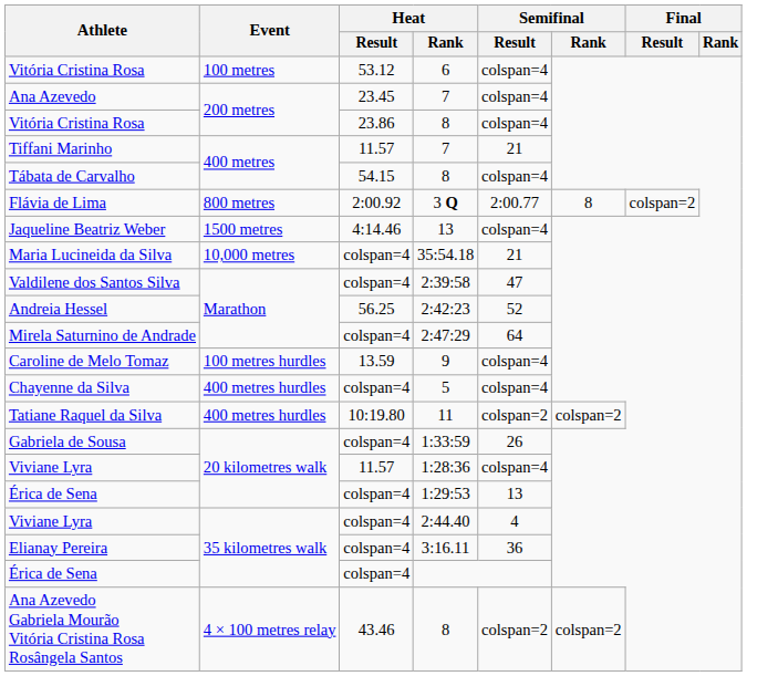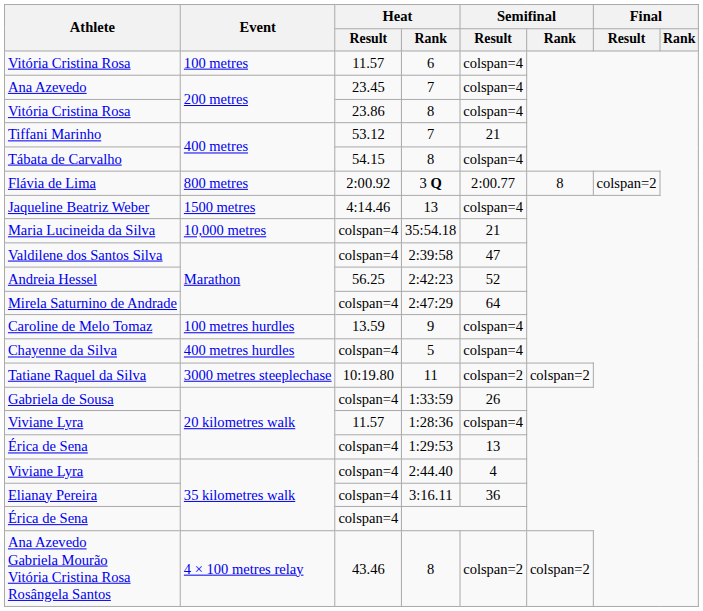 <table class="wikitable" style="font-size:90%">
 <tr>
 <th rowspan="2">Athlete</th>
 <th rowspan="2">Event</th>
 <th colspan="2">Heat</th>
 <th colspan="2">Semifinal</th>
 <th colspan="2">Final</th>
 </tr>
 <tr style="font-size:95%">
 <th>Result</th>
 <th>Rank</th>
 <th>Result</th>
 <th>Rank</th>
 <th>Result</th>
 <th>Rank</th>
 </tr>
 <tr align=center>
 <td align=left><a href='#'>Vitória Cristina Rosa</a></td>
 <td align=left><a href='#'>100 metres</a></td>
-<td>53.12</td>
+<td>11.57</td>
 <td>6</td>
 <td>colspan=4 </td>
 </tr>
 <tr align=center>
 <td align=left><a href='#'>Ana Azevedo</a></td>
 <td align=left rowspan=2><a href='#'>200 metres</a></td>
 <td>23.45</td>
 <td>7</td>
 <td>colspan=4 </td>
 </tr>
 <tr align=center>
 <td align=left><a href='#'>Vitória Cristina Rosa</a></td>
 <td>23.86</td>
 <td>8</td>
 <td>colspan=4 </td>
 </tr>
 <tr align=center>
 <td align=left><a href='#'>Tiffani Marinho</a></td>
 <td align=left rowspan=2><a href='#'>400 metres</a></td>
-<td>11.57</td>
+<td>53.12</td>
 <td>7</td>
 <td>21</td>
 </tr>
 <tr align=center>
 <td align=left><a href='#'>Tábata de Carvalho</a></td>
 <td>54.15</td>
 <td>8</td>
 <td>colspan=4 </td>
 </tr>
 <tr align=center>
 <td align=left><a href='#'>Flávia de Lima</a></td>
 <td align=left><a href='#'>800 metres</a></td>
 <td>2:00.92 </td>
 <td>3 <strong>Q</strong></td>
 <td>2:00.77 </td>
 <td>8</td>
 <td>colspan=2 </td>
 </tr>
 <tr align=center>
 <td align=left><a href='#'>Jaqueline Beatriz Weber</a></td>
 <td align=left><a href='#'>1500 metres</a></td>
 <td>4:14.46 </td>
 <td>13</td>
 <td>colspan=4 </td>
 </tr>
 <tr align=center>
 <td align=left><a href='#'>Maria Lucineida da Silva</a></td>
 <td align=left><a href='#'>10,000 metres</a></td>
 <td>colspan=4</td>
 <td>35:54.18</td>
 <td>21</td>
 </tr>
 <tr align=center>
 <td align=left><a href='#'>Valdilene dos Santos Silva</a></td>
 <td align=left rowspan=3><a href='#'>Marathon</a></td>
 <td>colspan=4</td>
 <td>2:39:58</td>
 <td>47</td>
 </tr>
 <tr align=center>
 <td align=left><a href='#'>Andreia Hessel</a></td>
 <td>56.25</td>
 <td>2:42:23 </td>
 <td>52</td>
 </tr>
 <tr align=center>
 <td align=left><a href='#'>Mirela Saturnino de Andrade</a></td>
 <td>colspan=4</td>
 <td>2:47:29</td>
 <td>64</td>
 </tr>
 <tr align=center>
 <td align=left><a href='#'>Caroline de Melo Tomaz</a></td>
 <td align=left><a href='#'>100 metres hurdles</a></td>
 <td>13.59</td>
 <td>9</td>
 <td>colspan=4 </td>
 </tr>
 <tr align=center>
 <td align=left><a href='#'>Chayenne da Silva</a></td>
 <td align=left><a href='#'>400 metres hurdles</a></td>
 <td>colspan=4</td>
 <td>5</td>
 <td>colspan=4 </td>
 </tr>
 <tr align=center>
 <td align=left><a href='#'>Tatiane Raquel da Silva</a></td>
-<td align=left><a href='#'>400 metres hurdles</a></td>
+<td align=left><a href='#'>3000 metres steeplechase</a></td>
 <td>10:19.80</td>
 <td>11</td>
 <td>colspan=2</td>
 <td>colspan=2 </td>
 </tr>
 <tr align=center>
 <td align=left><a href='#'>Gabriela de Sousa</a></td>
 <td align=left rowspan=3><a href='#'>20 kilometres walk</a></td>
 <td>colspan=4</td>
 <td>1:33:59</td>
 <td>26</td>
 </tr>
 <tr align=center>
 <td align=left><a href='#'>Viviane Lyra</a></td>
 <td>11.57</td>
 <td>1:28:36 </td>
 <td>colspan=4 </td>
 </tr>
 <tr align=center>
 <td align=left><a href='#'>Érica de Sena</a></td>
 <td>colspan=4</td>
 <td>1:29:53</td>
 <td>13</td>
 </tr>
 <tr align=center>
 <td align=left><a href='#'>Viviane Lyra</a></td>
 <td align=left rowspan=3><a href='#'>35 kilometres walk</a></td>
 <td>colspan=4</td>
 <td>2:44.40 <strong></strong></td>
 <td>4</td>
 </tr>
 <tr align=center>
 <td align=left><a href='#'>Elianay Pereira</a></td>
 <td>colspan=4</td>
 <td>3:16.11</td>
 <td>36</td>
 </tr>
 <tr align=center>
 <td align=left><a href='#'>Érica de Sena</a></td>
 <td>colspan=4</td>
 <td colspan=2></td>
 </tr>
 <tr align=center>
 <td align=left><a href='#'>Ana Azevedo</a><br><a href='#'>Gabriela Mourão</a><br><a href='#'>Vitória Cristina Rosa</a><br><a href='#'>Rosângela Santos</a></td>
 <td align=left><a href='#'>4 × 100 metres relay</a></td>
 <td>43.46 </td>
 <td>8</td>
 <td>colspan=2</td>
 <td>colspan=2 </td>
 </tr>
 </table>
